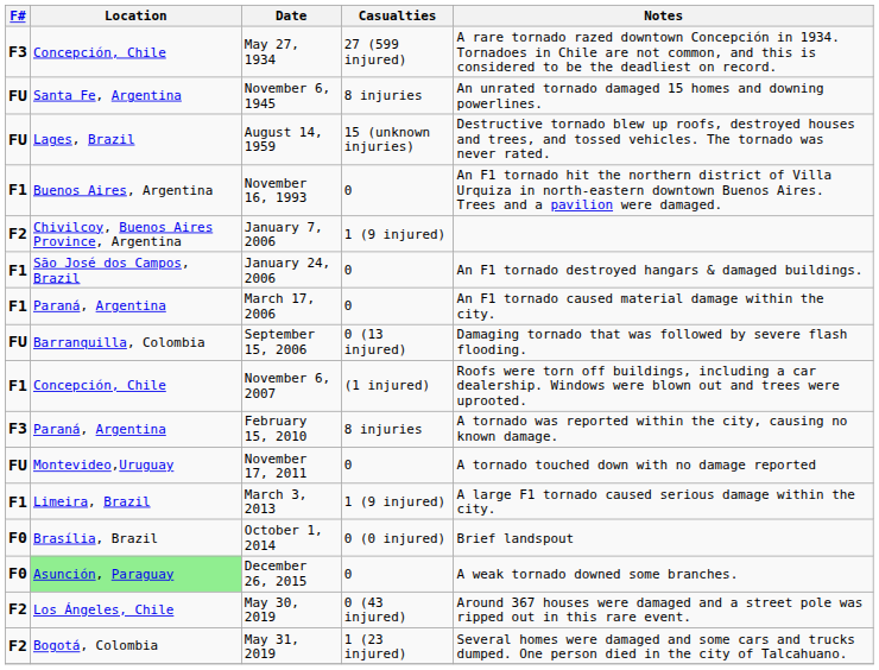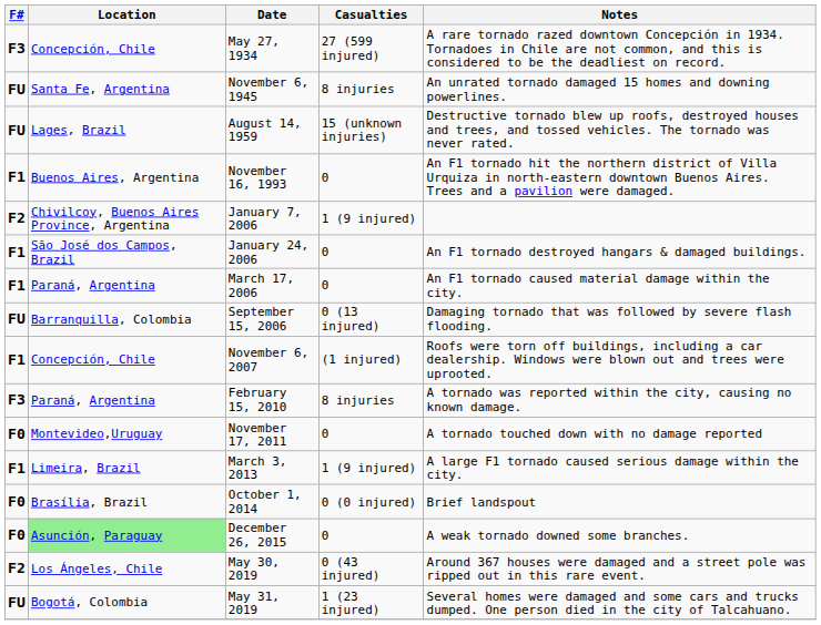 <table class="sortable wikitable">
 <tr>
 <th><a href='#'>F#</a></th>
 <th>Location</th>
 <th>Date</th>
 <th>Casualties</th>
 <th class=unsortable>Notes</th>
 </tr>
 <tr>
 <td><big><strong>F3</strong></big></td>
 <td><a href='#'>Concepción, Chile</a></td>
 <td>May 27, 1934</td>
 <td>27 (599 injured)</td>
 <td>A rare tornado razed downtown Concepción in 1934. Tornadoes in Chile are not common, and this is considered to be the deadliest on record.</td>
 </tr>
 <tr>
 <td><big><strong>FU</strong></big></td>
 <td><a href='#'>Santa Fe</a>, <a href='#'>Argentina</a></td>
 <td>November 6, 1945</td>
 <td>8 injuries</td>
 <td>An unrated tornado damaged 15 homes and downing powerlines.</td>
 </tr>
 <tr>
 <td><big><strong>FU</strong></big></td>
 <td><a href='#'>Lages</a>, <a href='#'>Brazil</a></td>
 <td>August 14, 1959</td>
 <td>15 (unknown injuries)</td>
 <td>Destructive tornado blew up roofs, destroyed houses and trees, and tossed vehicles. The tornado was never rated.</td>
 </tr>
 <tr>
 <td><big><strong>F1</strong></big></td>
 <td><a href='#'>Buenos Aires</a>, Argentina</td>
 <td>November 16, 1993</td>
 <td>0</td>
 <td>An F1  tornado hit the northern district of Villa Urquiza in north-eastern downtown Buenos Aires. Trees and a <a href='#'>pavilion</a> were damaged.</td>
 </tr>
 <tr>
 <td><big><strong>F2</strong></big></td>
 <td><a href='#'>Chivilcoy</a>, <a href='#'>Buenos Aires Province</a>, Argentina</td>
 <td>January 7, 2006</td>
 <td>1 (9 injured)</td>
 <td></td>
 </tr>
 <tr>
 <td><big><strong>F1</strong></big></td>
 <td><a href='#'>São José dos Campos</a>, <a href='#'>Brazil</a></td>
 <td>January 24, 2006</td>
 <td>0</td>
 <td>An F1 tornado destroyed hangars & damaged buildings.</td>
 </tr>
 <tr>
 <td><big><strong>F1</strong></big></td>
 <td><a href='#'>Paraná</a>, <a href='#'>Argentina</a></td>
 <td>March 17, 2006</td>
 <td>0</td>
 <td>An F1 tornado caused material damage within the city.</td>
 </tr>
 <tr>
 <td><big><strong>FU</strong></big></td>
 <td><a href='#'>Barranquilla</a>, Colombia</td>
 <td>September 15, 2006</td>
 <td>0 (13 injured)</td>
 <td>Damaging tornado that was followed by severe flash flooding.</td>
 </tr>
 <tr>
 <td><big><strong>F1</strong></big></td>
 <td><a href='#'>Concepción, Chile</a></td>
 <td>November 6, 2007</td>
 <td>(1 injured)</td>
 <td>Roofs were torn off buildings, including a car dealership. Windows were blown out and trees were uprooted.</td>
 </tr>
 <tr>
 <td><big><strong>F3</strong></big></td>
 <td><a href='#'>Paraná</a>, <a href='#'>Argentina</a></td>
 <td>February 15, 2010</td>
 <td>8 injuries</td>
 <td>A tornado was reported within the city, causing no known damage.</td>
 </tr>
 <tr>
-<td><big><strong>FU</strong></big></td>
+<td><big><strong>F0</strong></big></td>
 <td><a href='#'>Montevideo</a>,<a href='#'>Uruguay</a></td>
 <td>November 17, 2011</td>
 <td>0</td>
 <td>A tornado touched down with no damage reported</td>
 </tr>
 <tr>
 <td><big><strong>F1</strong></big></td>
 <td><a href='#'>Limeira</a>, <a href='#'>Brazil</a></td>
 <td>March 3, 2013</td>
 <td>1 (9 injured)</td>
 <td>A large F1 tornado caused serious damage within the city.</td>
 </tr>
 <tr>
 <td><big><strong>F0</strong></big></td>
 <td><a href='#'>Brasília</a>, Brazil</td>
 <td>October 1, 2014</td>
 <td>0 (0 injured)</td>
 <td>Brief landspout</td>
 </tr>
 <tr>
 <td><big><strong>F0</strong></big></td>
 <td style="background: lightgreen;"><a href='#'>Asunción</a>, <a href='#'>Paraguay</a></td>
 <td>December 26, 2015</td>
 <td>0</td>
 <td>A weak tornado downed some branches.</td>
 </tr>
 <tr>
 <td><big><strong>F2</strong></big></td>
 <td><a href='#'>Los Ángeles, Chile</a></td>
 <td>May 30, 2019</td>
 <td>0 (43 injured)</td>
 <td>Around 367 houses were damaged and a street pole was ripped out in this rare event.</td>
 </tr>
 <tr>
-<td><big><strong>F2</strong></big></td>
+<td><big><strong>FU</strong></big></td>
 <td><a href='#'>Bogotá</a>, Colombia</td>
 <td>May 31, 2019</td>
 <td>1 (23 injured)</td>
 <td>Several homes were damaged and some cars and trucks dumped. One person died in the city of Talcahuano.</td>
 </tr>
 <tr>
 </tr>
 </table>
